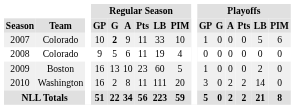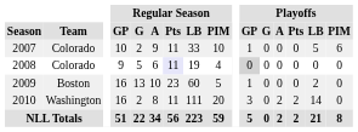 <table BORDER="0" CELLPADDING="3" CELLSPACING="0">
 <tr ALIGN="center" bgcolor="#e0e0e0">
 <th colspan="2" bgcolor="#ffffff"> </th>
 <th rowspan="99" bgcolor="#ffffff"> </th>
 <th colspan="6">Regular Season</th>
 <th rowspan="99" bgcolor="#ffffff"> </th>
 <th colspan="6">Playoffs</th>
 </tr>
 <tr ALIGN="center" bgcolor="#e0e0e0">
 <th>Season</th>
 <th>Team</th>
 <th>GP</th>
 <th>G</th>
 <th>A</th>
 <th>Pts</th>
 <th>LB</th>
 <th>PIM</th>
 <th>GP</th>
 <th>G</th>
 <th>A</th>
 <th>Pts</th>
 <th>LB</th>
 <th>PIM</th>
 </tr>
 <tr ALIGN="center" bgcolor="#f0f0f0">
 <td>2007</td>
 <td>Colorado</td>
 <td>10</td>
-<td><strong>2</strong></td>
+<td>2</td>
 <td>9</td>
 <td>11</td>
 <td>33</td>
 <td>10</td>
 <td>1</td>
 <td>0</td>
 <td>0</td>
 <td>0</td>
 <td>5</td>
 <td>6</td>
 </tr>
 <tr ALIGN="center">
 <td>2008</td>
 <td>Colorado</td>
 <td>9</td>
 <td>5</td>
 <td>6</td>
-<td>11</td>
+<td style="background: lavender;">11</td>
 <td>19</td>
 <td>4</td>
-<td>0</td>
+<td style="background: lightgrey;">0</td>
 <td>0</td>
 <td>0</td>
 <td>0</td>
 <td>0</td>
 <td>0</td>
 </tr>
 <tr ALIGN="center" bgcolor="#f0f0f0">
 <td>2009</td>
 <td>Boston</td>
 <td>16</td>
 <td>13</td>
 <td>10</td>
 <td>23</td>
 <td>60</td>
 <td>5</td>
 <td>1</td>
 <td>0</td>
 <td>0</td>
 <td>0</td>
 <td>2</td>
 <td>0</td>
 </tr>
 <tr ALIGN="center" bgcolor="#f0f0f0">
 <td>2010</td>
 <td>Washington</td>
 <td>16</td>
 <td>2</td>
 <td>8</td>
 <td>11</td>
 <td>111</td>
 <td>20</td>
 <td>3</td>
 <td>0</td>
 <td>2</td>
 <td>2</td>
 <td>14</td>
 <td>0</td>
 </tr>
 <tr ALIGN="center" bgcolor="#e0e0e0">
 <th colspan="2">NLL Totals</th>
 <th>51</th>
 <th>22</th>
 <th>34</th>
 <th>56</th>
 <th>223</th>
 <th>59</th>
 <th>5</th>
 <th>0</th>
 <th>2</th>
 <th>2</th>
 <th>21</th>
 <th>8</th>
 </tr>
 </table>
